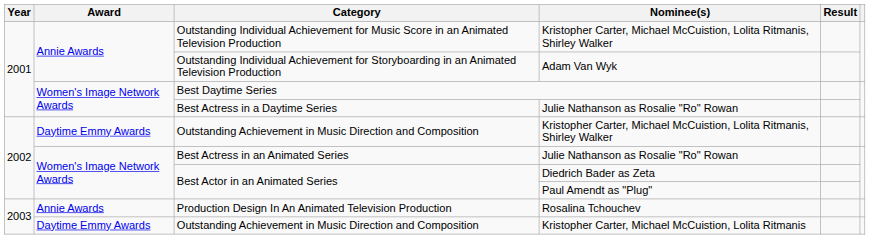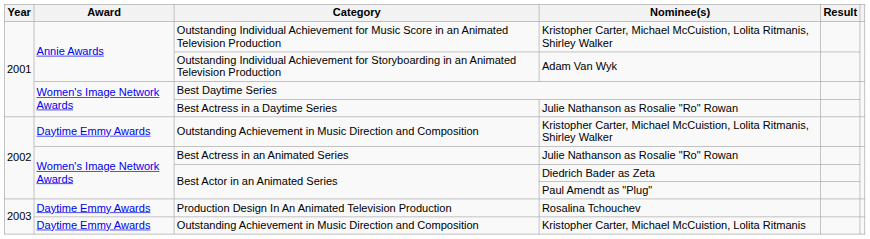 <table class="wikitable plainrowheaders">
 <tr>
 <th>Year</th>
 <th>Award</th>
 <th>Category</th>
 <th>Nominee(s)</th>
 <th>Result</th>
 <th></th>
 </tr>
 <tr>
 <td rowspan="4">2001</td>
 <td rowspan="2"><a href='#'>Annie Awards</a></td>
 <td>Outstanding Individual Achievement for Music Score in an Animated Television Production</td>
 <td>Kristopher Carter, Michael McCuistion, Lolita Ritmanis, Shirley Walker</td>
 <td></td>
 <td rowspan="2"></td>
 </tr>
 <tr>
 <td>Outstanding Individual Achievement for Storyboarding in an Animated Television Production</td>
 <td>Adam Van Wyk</td>
 <td></td>
 </tr>
 <tr>
 <td rowspan="2"><a href='#'>Women's Image Network Awards</a></td>
 <td colspan="2">Best Daytime Series</td>
 <td></td>
 <td rowspan="2"></td>
 </tr>
 <tr>
 <td>Best Actress in a Daytime Series</td>
 <td>Julie Nathanson as Rosalie "Ro" Rowan</td>
 <td></td>
 </tr>
 <tr>
 <td rowspan="4">2002</td>
 <td><a href='#'>Daytime Emmy Awards</a></td>
 <td>Outstanding Achievement in Music Direction and Composition</td>
 <td>Kristopher Carter, Michael McCuistion, Lolita Ritmanis, Shirley Walker</td>
 <td></td>
 <td></td>
 </tr>
 <tr>
 <td rowspan="3"><a href='#'>Women's Image Network Awards</a></td>
 <td>Best Actress in an Animated Series</td>
 <td>Julie Nathanson as Rosalie "Ro" Rowan</td>
 <td></td>
 <td rowspan="3"></td>
 </tr>
 <tr>
 <td rowspan="2">Best Actor in an Animated Series</td>
 <td>Diedrich Bader as Zeta</td>
 <td></td>
 </tr>
 <tr>
 <td>Paul Amendt as "Plug"</td>
 <td></td>
 </tr>
 <tr>
 <td rowspan="2">2003</td>
-<td><a href='#'>Annie Awards</a></td>
+<td><a href='#'>Daytime Emmy Awards</a></td>
 <td>Production Design In An Animated Television Production</td>
 <td>Rosalina Tchouchev</td>
 <td></td>
 <td></td>
 </tr>
 <tr>
 <td><a href='#'>Daytime Emmy Awards</a></td>
 <td>Outstanding Achievement in Music Direction and Composition</td>
 <td>Kristopher Carter, Michael McCuistion, Lolita Ritmanis</td>
 <td></td>
 <td></td>
 </tr>
 </table>
